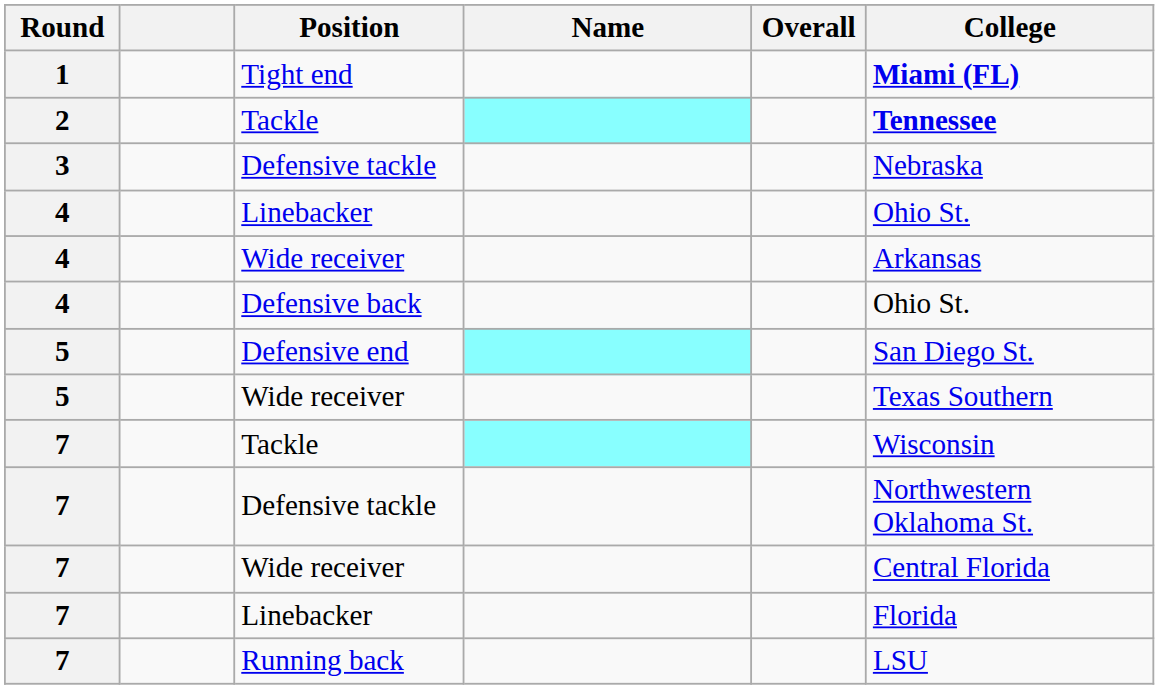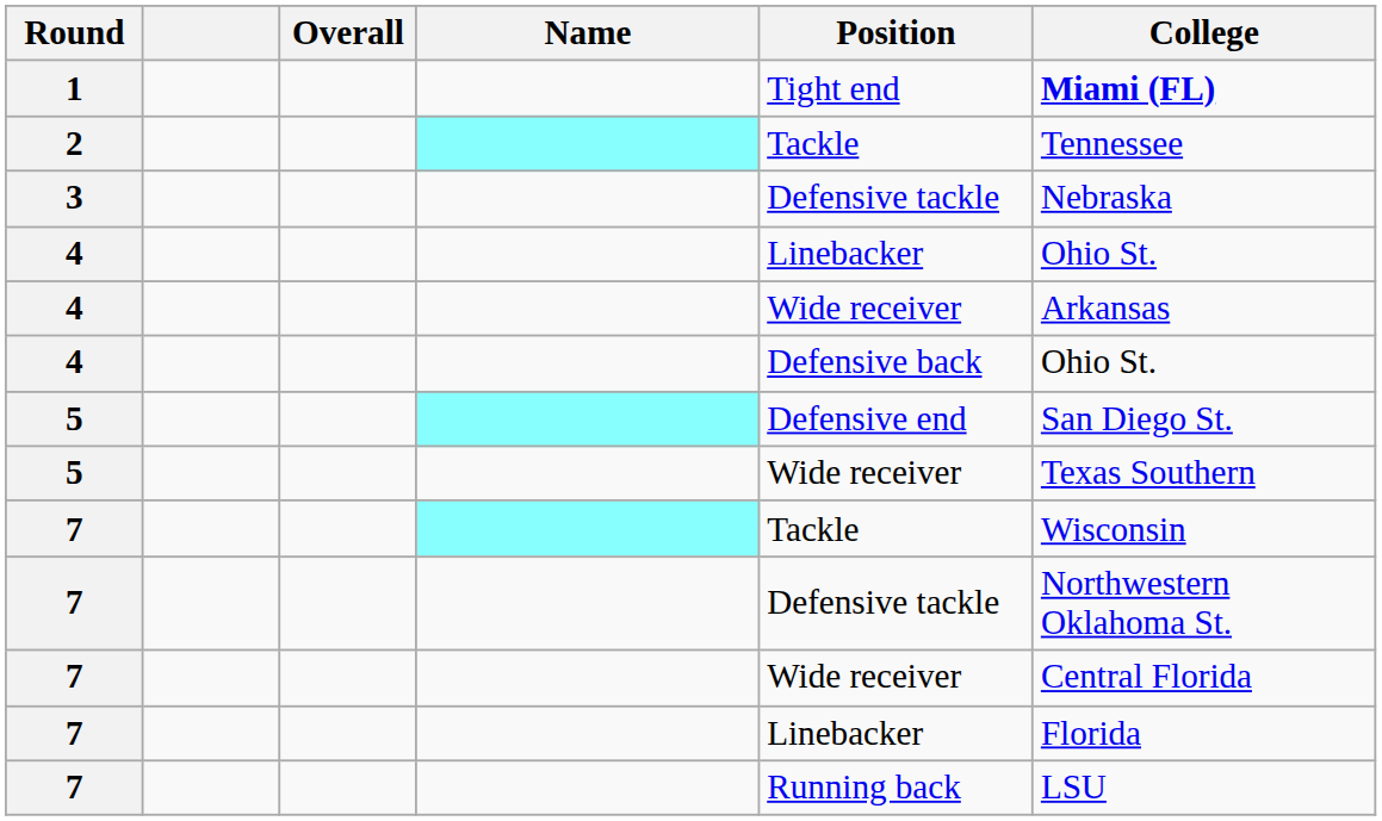 <table class="wikitable sortable" style="width: 50%;">
 <tr>
 <th scope="col" style="width: 10%;">Round</th>
 <th scope="col" style="width: 10%;"></th>
+<th scope="col" style="width: 10%;">Overall</th>
+<th scope="col" style="width: 25%;">Name</th>
 <th scope="col" style="width: 20%;">Position</th>
-<th scope="col" style="width: 25%;">Name</th>
-<th scope="col" style="width: 10%;">Overall</th>
 <th scope="col" style="width: 25%;">College</th>
 </tr>
 <tr>
 <th scope="row">1</th>
 <td></td>
-<td><a href='#'>Tight end</a></td>
 <td></td>
 <td></td>
+<td><a href='#'>Tight end</a></td>
 <td><strong><a href='#'>Miami (FL)</a></strong></td>
 </tr>
 <tr>
 <th scope="row">2</th>
 <td></td>
+<td></td>
+<td style="background:#88FFFF;"> <sup></sup></td>
 <td><a href='#'>Tackle</a></td>
-<td style="background:#88FFFF;"> <sup></sup></td>
-<td></td>
-<td><strong><a href='#'>Tennessee</a></strong></td>
+<td><a href='#'>Tennessee</a></td>
 </tr>
 <tr>
 <th scope="row">3</th>
 <td></td>
-<td><a href='#'>Defensive tackle</a></td>
 <td></td>
 <td></td>
+<td><a href='#'>Defensive tackle</a></td>
 <td><a href='#'>Nebraska</a></td>
 </tr>
 <tr>
 <th scope="row">4</th>
 <td></td>
-<td><a href='#'>Linebacker</a></td>
 <td></td>
 <td></td>
+<td><a href='#'>Linebacker</a></td>
 <td><a href='#'>Ohio St.</a></td>
 </tr>
 <tr>
 <th scope="row">4</th>
 <td></td>
-<td><a href='#'>Wide receiver</a></td>
 <td></td>
 <td></td>
+<td><a href='#'>Wide receiver</a></td>
 <td><a href='#'>Arkansas</a></td>
 </tr>
 <tr>
 <th scope="row">4</th>
 <td></td>
-<td><a href='#'>Defensive back</a></td>
 <td></td>
 <td></td>
+<td><a href='#'>Defensive back</a></td>
 <td>Ohio St.</td>
 </tr>
 <tr>
 <th scope="row">5</th>
 <td></td>
+<td></td>
+<td style="background:#88FFFF;"> <sup></sup></td>
 <td><a href='#'>Defensive end</a></td>
-<td style="background:#88FFFF;"> <sup></sup></td>
-<td></td>
 <td><a href='#'>San Diego St.</a></td>
 </tr>
 <tr>
 <th scope="row">5</th>
 <td></td>
-<td>Wide receiver</td>
 <td></td>
 <td></td>
+<td>Wide receiver</td>
 <td><a href='#'>Texas Southern</a></td>
 </tr>
 <tr>
 <th scope="row">7</th>
 <td></td>
+<td></td>
+<td style="background:#88FFFF;"> <sup></sup></td>
 <td>Tackle</td>
-<td style="background:#88FFFF;"> <sup></sup></td>
-<td></td>
 <td><a href='#'>Wisconsin</a></td>
 </tr>
 <tr>
 <th scope="row">7</th>
 <td></td>
-<td>Defensive tackle</td>
 <td></td>
 <td></td>
+<td>Defensive tackle</td>
 <td><a href='#'>Northwestern Oklahoma St.</a></td>
 </tr>
 <tr>
 <th scope="row">7</th>
 <td></td>
-<td>Wide receiver</td>
 <td></td>
 <td></td>
+<td>Wide receiver</td>
 <td><a href='#'>Central Florida</a></td>
 </tr>
 <tr>
 <th scope="row">7</th>
 <td></td>
-<td>Linebacker</td>
 <td></td>
 <td></td>
+<td>Linebacker</td>
 <td><a href='#'>Florida</a></td>
 </tr>
 <tr>
 <th scope="row">7</th>
 <td></td>
-<td><a href='#'>Running back</a></td>
 <td></td>
 <td></td>
+<td><a href='#'>Running back</a></td>
 <td><a href='#'>LSU</a></td>
 </tr>
 </table>
